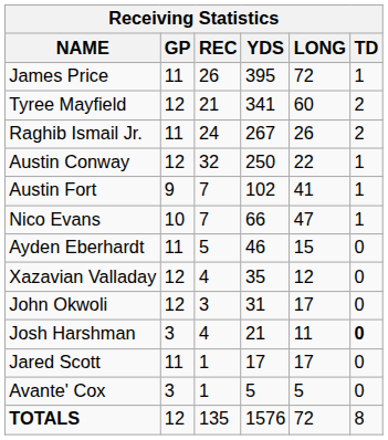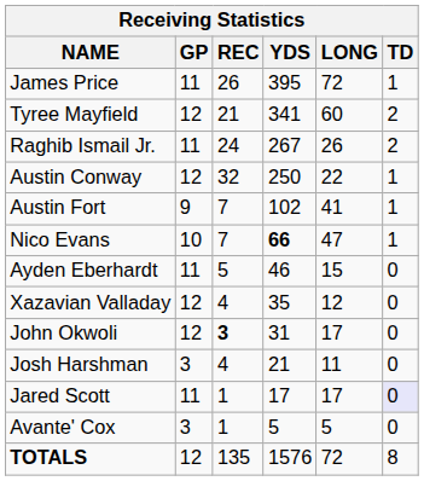 <table class="wikitable sortable collapsible collapsed">
 <tr>
 <th colspan="7">Receiving Statistics</th>
 </tr>
 <tr>
 <th>NAME</th>
 <th>GP</th>
 <th>REC</th>
 <th>YDS</th>
 <th>LONG</th>
 <th>TD</th>
 </tr>
 <tr>
 <td>James Price</td>
 <td>11</td>
 <td>26</td>
 <td>395</td>
 <td>72</td>
 <td>1</td>
 </tr>
 <tr>
 <td>Tyree Mayfield</td>
 <td>12</td>
 <td>21</td>
 <td>341</td>
 <td>60</td>
 <td>2</td>
 </tr>
 <tr>
 <td>Raghib Ismail Jr.</td>
 <td>11</td>
 <td>24</td>
 <td>267</td>
 <td>26</td>
 <td>2</td>
 </tr>
 <tr>
 <td>Austin Conway</td>
 <td>12</td>
 <td>32</td>
 <td>250</td>
 <td>22</td>
 <td>1</td>
 </tr>
 <tr>
 <td>Austin Fort</td>
 <td>9</td>
 <td>7</td>
 <td>102</td>
 <td>41</td>
 <td>1</td>
 </tr>
 <tr>
 <td>Nico Evans</td>
 <td>10</td>
 <td>7</td>
-<td>66</td>
+<td><strong>66</strong></td>
 <td>47</td>
 <td>1</td>
 </tr>
 <tr>
 <td>Ayden Eberhardt</td>
 <td>11</td>
 <td>5</td>
 <td>46</td>
 <td>15</td>
 <td>0</td>
 </tr>
 <tr>
 <td>Xazavian Valladay</td>
 <td>12</td>
 <td>4</td>
 <td>35</td>
 <td>12</td>
 <td>0</td>
 </tr>
 <tr>
 <td>John Okwoli</td>
 <td>12</td>
-<td>3</td>
+<td><strong>3</strong></td>
 <td>31</td>
 <td>17</td>
 <td>0</td>
 </tr>
 <tr>
 <td>Josh Harshman</td>
 <td>3</td>
 <td>4</td>
 <td>21</td>
 <td>11</td>
-<td><strong>0</strong></td>
+<td>0</td>
 </tr>
 <tr>
 <td>Jared Scott</td>
 <td>11</td>
 <td>1</td>
 <td>17</td>
 <td>17</td>
-<td>0</td>
+<td style="background: lavender;">0</td>
 </tr>
 <tr>
 <td>Avante' Cox</td>
 <td>3</td>
 <td>1</td>
 <td>5</td>
 <td>5</td>
 <td>0</td>
 </tr>
 <tr>
 <td><strong>TOTALS</strong></td>
 <td>12</td>
 <td>135</td>
 <td>1576</td>
 <td>72</td>
 <td>8</td>
 </tr>
 </table>
